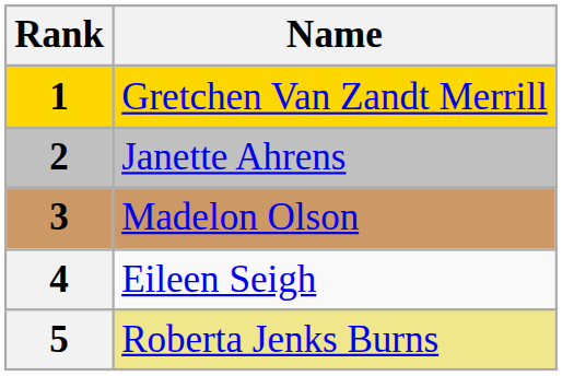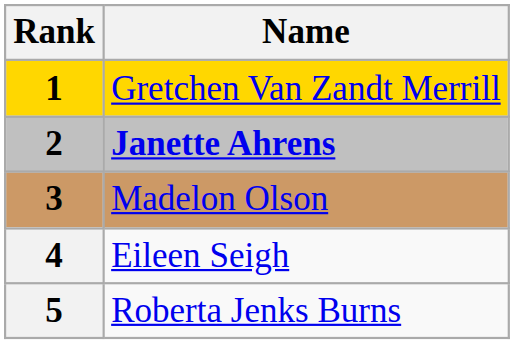 <table class="wikitable">
 <tr>
 <th>Rank</th>
 <th>Name</th>
 </tr>
 <tr bgcolor="gold">
 <td align="center"><strong>1</strong></td>
 <td><a href='#'>Gretchen Van Zandt Merrill</a></td>
 </tr>
 <tr bgcolor="silver">
 <td align="center"><strong>2</strong></td>
-<td><a href='#'>Janette Ahrens</a></td>
+<td><strong><a href='#'>Janette Ahrens</a></strong></td>
 </tr>
 <tr bgcolor="cc9966">
 <td align="center"><strong>3</strong></td>
 <td><a href='#'>Madelon Olson</a></td>
 </tr>
 <tr>
 <th>4</th>
 <td><a href='#'>Eileen Seigh</a></td>
 </tr>
 <tr>
 <th>5</th>
-<td style="background: khaki;"><a href='#'>Roberta Jenks Burns</a></td>
+<td><a href='#'>Roberta Jenks Burns</a></td>
 </tr>
 </table>
